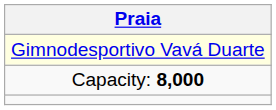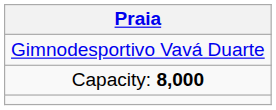 <table class="wikitable" style="text-align:center" width=225>
 <tr>
 <th> <strong><a href='#'>Praia</a></strong></th>
 </tr>
 <tr>
-<td style="background: lightyellow;"><a href='#'>Gimnodesportivo Vavá Duarte</a></td>
+<td><a href='#'>Gimnodesportivo Vavá Duarte</a></td>
 </tr>
 <tr>
 <td>Capacity: <strong>8,000</strong></td>
 </tr>
 <tr>
 <td></td>
 </tr>
 </table>
